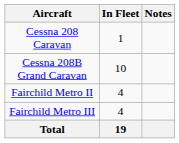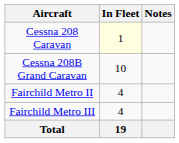 <table class="wikitable" style="text-align:center; margin:0.5em auto">
 <tr>
 <th style="width:125px;">Aircraft</th>
 <th>In Fleet</th>
 <th>Notes</th>
 </tr>
 <tr>
 <td><a href='#'>Cessna 208 Caravan</a></td>
-<td>1</td>
+<td style="background: lightyellow;">1</td>
 <td></td>
 </tr>
 <tr>
 <td><a href='#'>Cessna 208B Grand Caravan</a></td>
 <td>10</td>
 <td></td>
 </tr>
 <tr>
 <td><a href='#'>Fairchild Metro II</a></td>
 <td>4</td>
 <td></td>
 </tr>
 <tr>
 <td><a href='#'>Fairchild Metro III</a></td>
 <td>4</td>
 <td></td>
 </tr>
 <tr>
 <th>Total</th>
 <th>19 </th>
 <th colspan="2" class="unsortable"></th>
 </tr>
 </table>
